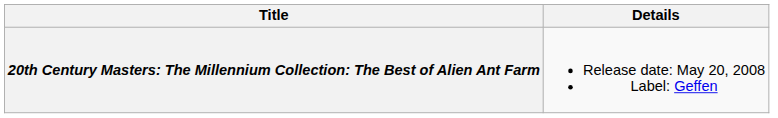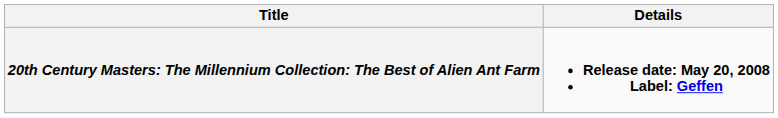 <table class="wikitable plainrowheaders" style="text-align:center;">
 <tr>
 <th>Title</th>
 <th>Details</th>
 </tr>
 <tr>
 <th scope="row"><em>20th Century Masters: The Millennium Collection: The Best of Alien Ant Farm</em></th>
-<td><br><ul><li>Release date: May 20, 2008</li><li>Label: <a href='#'>Geffen</a></li></ul></td>
+<td><strong><br><ul><li>Release date: May 20, 2008</li><li>Label: <a href='#'>Geffen</a></li></ul></strong></td>
 </tr>
 </table>
